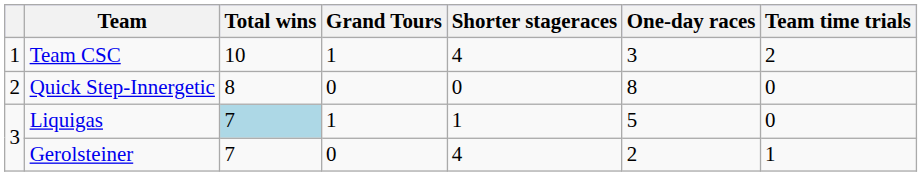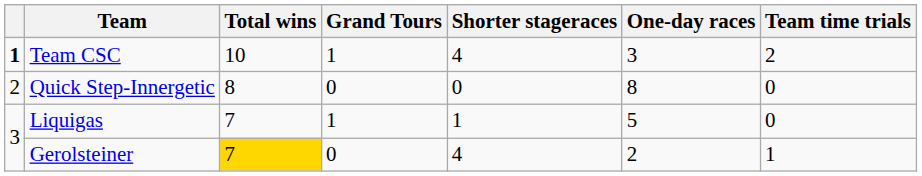 <table class="wikitable">
 <tr style="background:#ccccff;">
 <th></th>
 <th>Team</th>
 <th>Total wins</th>
 <th>Grand Tours</th>
 <th>Shorter stageraces</th>
 <th>One-day races</th>
 <th>Team time trials</th>
 </tr>
 <tr>
-<td>1</td>
+<td><strong>1</strong></td>
 <td><a href='#'>Team CSC</a></td>
 <td>10</td>
 <td>1</td>
 <td>4</td>
 <td>3</td>
 <td>2</td>
 </tr>
 <tr>
 <td>2</td>
 <td><a href='#'>Quick Step-Innergetic</a></td>
 <td>8</td>
 <td>0</td>
 <td>0</td>
 <td>8</td>
 <td>0</td>
 </tr>
 <tr>
 <td rowspan="2">3</td>
 <td><a href='#'>Liquigas</a></td>
-<td style="background: lightblue;">7</td>
+<td>7</td>
 <td>1</td>
 <td>1</td>
 <td>5</td>
 <td>0</td>
 </tr>
 <tr>
 <td><a href='#'>Gerolsteiner</a></td>
-<td>7</td>
+<td style="background: gold;">7</td>
 <td>0</td>
 <td>4</td>
 <td>2</td>
 <td>1</td>
 </tr>
 </table>
